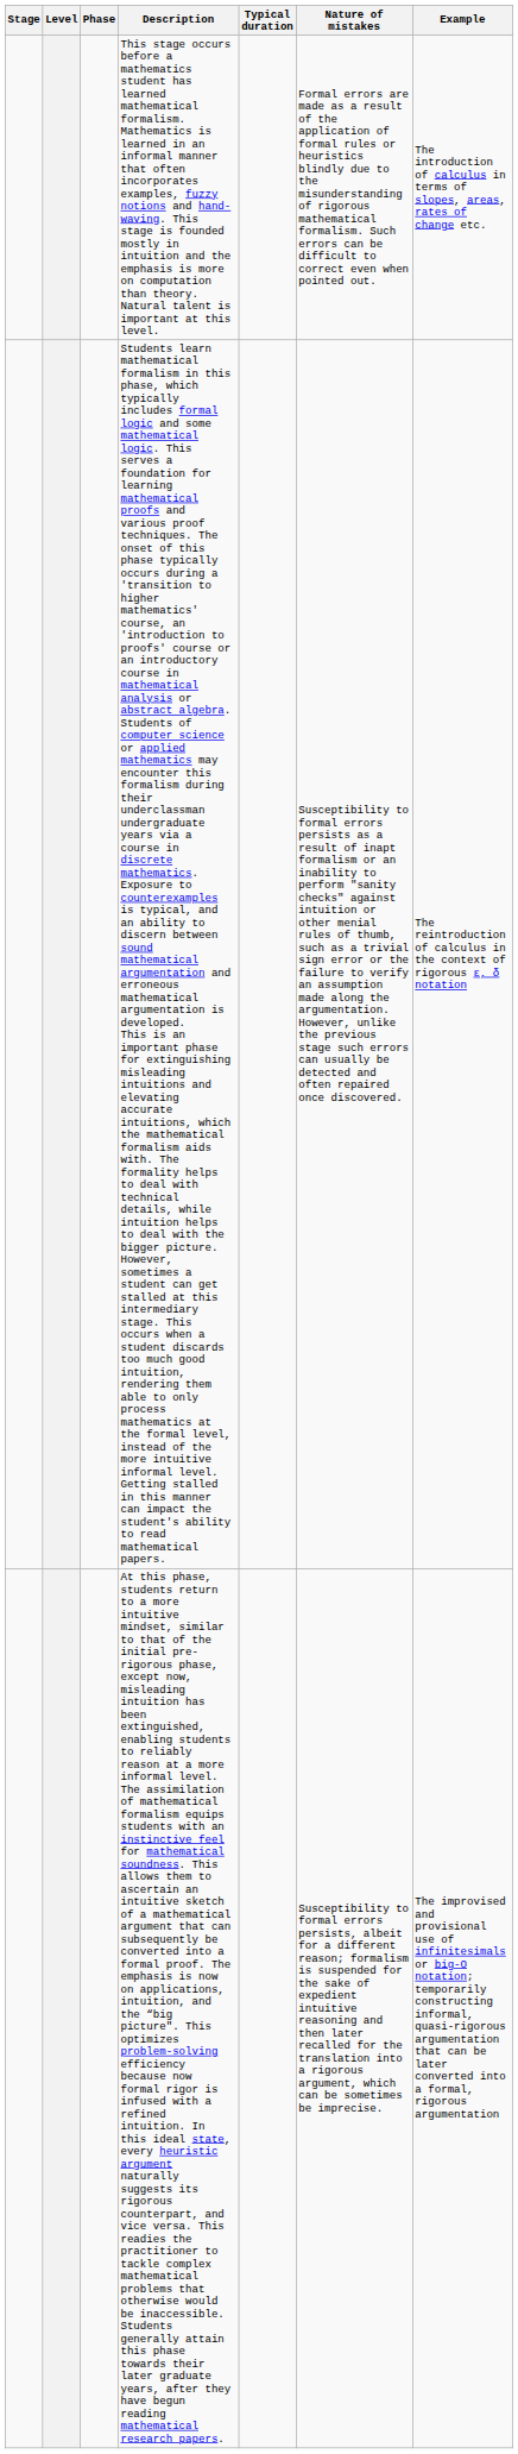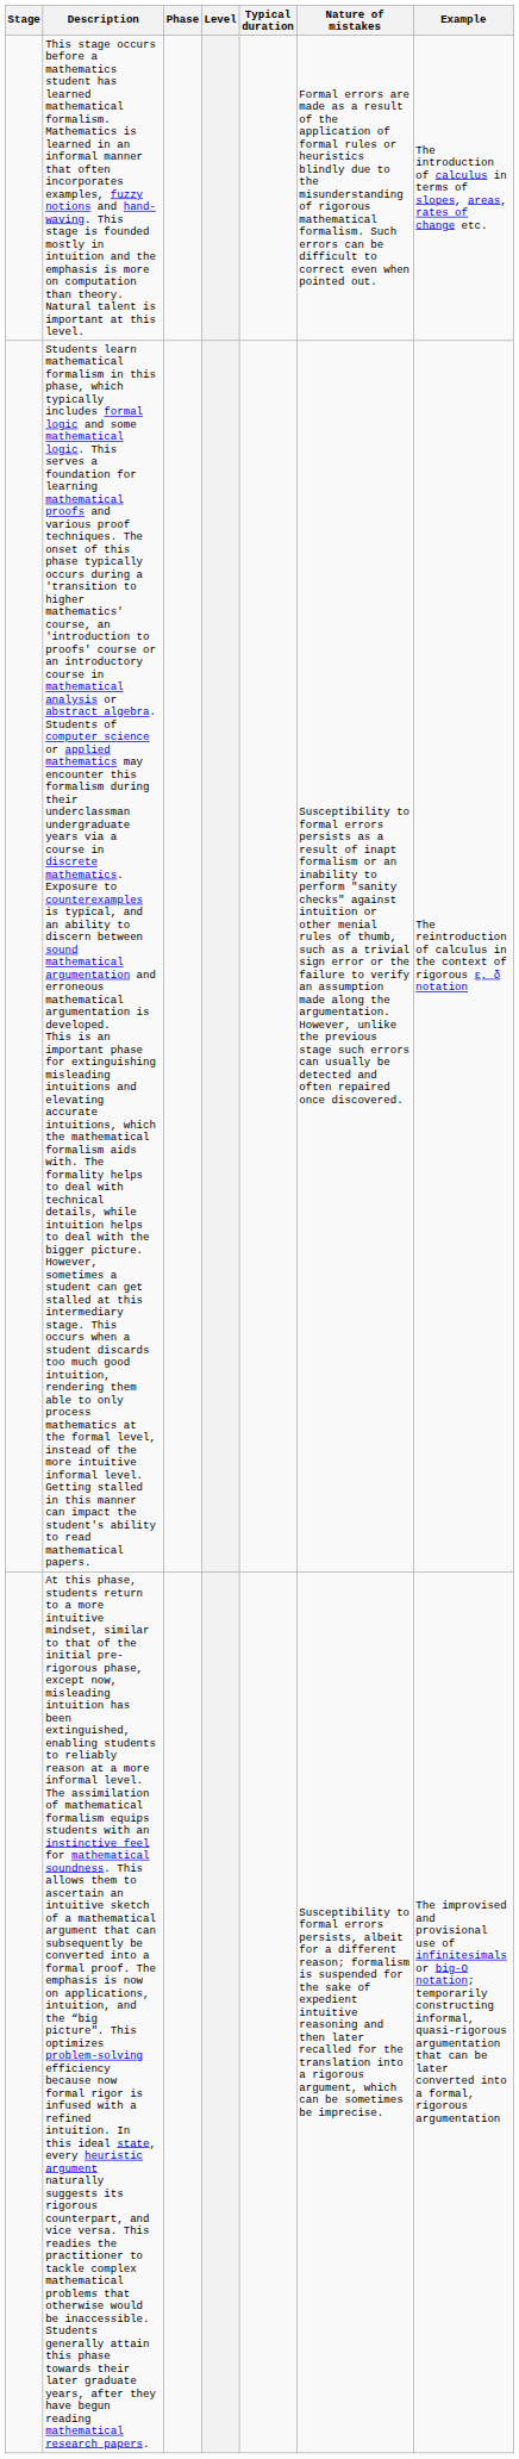 <table class="wikitable plainrowheaders">
 <tr>
 <th scope="col">Stage</th>
+<th scope="col">Description</th>
+<th scope="col">Phase</th>
 <th scope="col">Level</th>
-<th scope="col">Phase</th>
-<th scope="col">Description</th>
 <th scope="col">Typical duration</th>
 <th scope="col">Nature of mistakes</th>
 <th scope="col">Example</th>
 </tr>
 <tr>
 <td></td>
+<td>This stage occurs before a mathematics student has learned mathematical formalism. Mathematics is learned in an informal manner that often incorporates examples, <a href='#'>fuzzy notions</a> and <a href='#'>hand-waving</a>. This stage is founded mostly in intuition and the emphasis is more on computation than theory. Natural talent is important at this level.</td>
+<td></td>
 <th scope="row"></th>
-<td></td>
-<td>This stage occurs before a mathematics student has learned mathematical formalism. Mathematics is learned in an informal manner that often incorporates examples, <a href='#'>fuzzy notions</a> and <a href='#'>hand-waving</a>. This stage is founded mostly in intuition and the emphasis is more on computation than theory. Natural talent is important at this level.</td>
 <td></td>
 <td>Formal errors are made as a result of the application of formal rules or heuristics blindly due to the misunderstanding of rigorous mathematical formalism. Such errors can be difficult to correct even when pointed out.</td>
 <td>The introduction of <a href='#'>calculus</a> in terms of <a href='#'>slopes</a>, <a href='#'>areas</a>, <a href='#'>rates of change</a> etc.</td>
 </tr>
 <tr>
 <td></td>
+<td>Students learn mathematical formalism in this phase, which typically includes <a href='#'>formal logic</a> and some <a href='#'>mathematical logic</a>. This serves a foundation for learning <a href='#'>mathematical proofs</a> and various proof techniques. The onset of this phase typically occurs during a 'transition to higher mathematics' course, an 'introduction to proofs' course or an introductory course in <a href='#'>mathematical analysis</a> or <a href='#'>abstract algebra</a>. Students of <a href='#'>computer science</a> or <a href='#'>applied mathematics</a> may encounter this formalism during their underclassman undergraduate years via a course in <a href='#'>discrete mathematics</a>. Exposure to <a href='#'>counterexamples</a> is typical, and an ability to discern between <a href='#'>sound mathematical argumentation</a> and erroneous mathematical argumentation is developed.<br>This is an important phase for extinguishing misleading intuitions and elevating accurate intuitions, which the mathematical formalism aids with. The formality helps to deal with technical details, while intuition helps to deal with the bigger picture. However, sometimes a student can get stalled at this intermediary stage. This occurs when a student discards too much good intuition, rendering them able to only process mathematics at the formal level, instead of the more intuitive informal level. Getting stalled in this manner can impact the student's ability to read mathematical papers.</td>
+<td></td>
 <th scope="row"></th>
-<td></td>
-<td>Students learn mathematical formalism in this phase, which typically includes <a href='#'>formal logic</a> and some <a href='#'>mathematical logic</a>. This serves a foundation for learning <a href='#'>mathematical proofs</a> and various proof techniques. The onset of this phase typically occurs during a 'transition to higher mathematics' course, an 'introduction to proofs' course or an introductory course in <a href='#'>mathematical analysis</a> or <a href='#'>abstract algebra</a>. Students of <a href='#'>computer science</a> or <a href='#'>applied mathematics</a> may encounter this formalism during their underclassman undergraduate years via a course in <a href='#'>discrete mathematics</a>. Exposure to <a href='#'>counterexamples</a> is typical, and an ability to discern between <a href='#'>sound mathematical argumentation</a> and erroneous mathematical argumentation is developed.<br>This is an important phase for extinguishing misleading intuitions and elevating accurate intuitions, which the mathematical formalism aids with. The formality helps to deal with technical details, while intuition helps to deal with the bigger picture. However, sometimes a student can get stalled at this intermediary stage. This occurs when a student discards too much good intuition, rendering them able to only process mathematics at the formal level, instead of the more intuitive informal level. Getting stalled in this manner can impact the student's ability to read mathematical papers.</td>
 <td></td>
 <td>Susceptibility to formal errors persists as a result of inapt formalism or an inability to perform "sanity checks" against intuition or other menial rules of thumb, such as a trivial sign error or the failure to verify an assumption made along the argumentation. However, unlike the previous stage such errors can usually be detected and often repaired once discovered.</td>
 <td>The reintroduction of calculus in the context of rigorous <a href='#'>ε, δ notation</a></td>
 </tr>
 <tr>
 <td></td>
+<td>At this phase, students return to a more intuitive mindset, similar to that of the initial pre-rigorous phase, except now, misleading intuition has been extinguished, enabling students to reliably reason at a more informal level. The assimilation of mathematical formalism equips students with an <a href='#'>instinctive feel</a> for <a href='#'>mathematical soundness</a>. This allows them to ascertain an intuitive sketch of a mathematical argument that can subsequently be converted into a formal proof. The emphasis is now on applications, intuition, and the “big picture". This optimizes <a href='#'>problem-solving</a> efficiency because now formal rigor is infused with a refined intuition. In this ideal <a href='#'>state</a>, every <a href='#'>heuristic argument</a> naturally suggests its rigorous counterpart, and vice versa. This readies the practitioner to tackle complex mathematical problems that otherwise would be inaccessible.<br>Students generally attain this phase towards their later graduate years, after they have begun reading <a href='#'>mathematical research papers</a>.</td>
+<td></td>
 <th scope="row"></th>
-<td></td>
-<td>At this phase, students return to a more intuitive mindset, similar to that of the initial pre-rigorous phase, except now, misleading intuition has been extinguished, enabling students to reliably reason at a more informal level. The assimilation of mathematical formalism equips students with an <a href='#'>instinctive feel</a> for <a href='#'>mathematical soundness</a>. This allows them to ascertain an intuitive sketch of a mathematical argument that can subsequently be converted into a formal proof. The emphasis is now on applications, intuition, and the “big picture". This optimizes <a href='#'>problem-solving</a> efficiency because now formal rigor is infused with a refined intuition. In this ideal <a href='#'>state</a>, every <a href='#'>heuristic argument</a> naturally suggests its rigorous counterpart, and vice versa. This readies the practitioner to tackle complex mathematical problems that otherwise would be inaccessible.<br>Students generally attain this phase towards their later graduate years, after they have begun reading <a href='#'>mathematical research papers</a>.</td>
 <td></td>
 <td>Susceptibility to formal errors persists, albeit for a different reason; formalism is suspended for the sake of expedient intuitive reasoning and then later recalled for the translation into a rigorous argument, which can be sometimes be imprecise.</td>
 <td>The improvised and provisional use of <a href='#'>infinitesimals</a> or <a href='#'>big-O notation</a>; temporarily constructing informal, quasi-rigorous argumentation that can be later converted into a formal, rigorous argumentation</td>
 </tr>
 </table>
